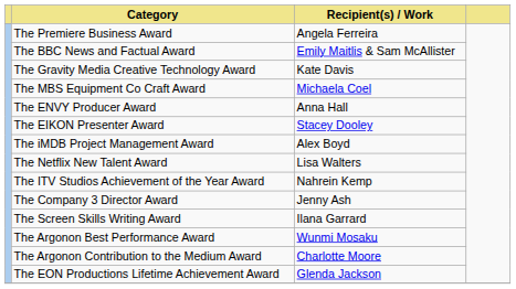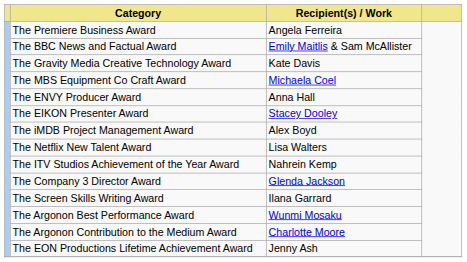 <table class="wikitable" width="70%" scope="col" style="text-align: left; font-size: 90%">
 <tr col>
 <th style="background:#F0E68C" width="1px"></th>
 <th style="background:#F0E68C" width="56%">Category</th>
 <th style="background:#F0E68C" width="34%">Recipient(s) / Work</th>
 <th style="background:#F0E68C" scope="col" class="unsortable"></th>
 </tr>
 <tr>
 <td rowspan="14"  style="background: #abcdef;"></td>
 <td scope="col" style="align:left">The Premiere Business Award</td>
 <td>Angela Ferreira</td>
 <td rowspan="14"></td>
 </tr>
 <tr>
 <td>The BBC News and Factual Award</td>
 <td><a href='#'>Emily Maitlis</a> & Sam McAllister</td>
 </tr>
 <tr>
 <td>The Gravity Media Creative Technology Award</td>
 <td>Kate Davis</td>
 </tr>
 <tr>
 <td>The MBS Equipment Co Craft Award</td>
 <td><a href='#'>Michaela Coel</a></td>
 </tr>
 <tr>
 <td>The ENVY Producer Award</td>
 <td>Anna Hall</td>
 </tr>
 <tr>
 <td>The EIKON Presenter Award</td>
 <td><a href='#'>Stacey Dooley</a></td>
 </tr>
 <tr>
 <td>The iMDB Project Management Award</td>
 <td>Alex Boyd</td>
 </tr>
 <tr>
 <td>The Netflix New Talent Award</td>
 <td>Lisa Walters</td>
 </tr>
 <tr>
 <td>The ITV Studios Achievement of the Year Award</td>
 <td>Nahrein Kemp</td>
 </tr>
 <tr>
 <td>The Company 3 Director Award</td>
-<td>Jenny Ash</td>
+<td><a href='#'>Glenda Jackson</a></td>
 </tr>
 <tr>
 <td>The Screen Skills Writing Award</td>
 <td>Ilana Garrard</td>
 </tr>
 <tr>
 <td>The Argonon Best Performance Award</td>
 <td><a href='#'>Wunmi Mosaku</a></td>
 </tr>
 <tr>
 <td>The Argonon Contribution to the Medium Award</td>
 <td><a href='#'>Charlotte Moore</a></td>
 </tr>
 <tr>
 <td>The EON Productions Lifetime Achievement Award</td>
-<td><a href='#'>Glenda Jackson</a></td>
+<td>Jenny Ash</td>
 </tr>
 <tr>
 </tr>
 </table>
